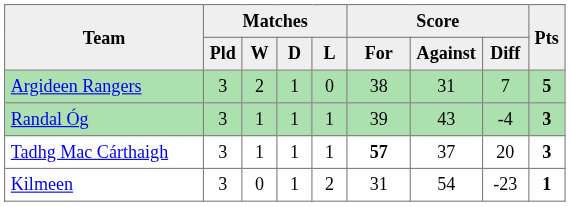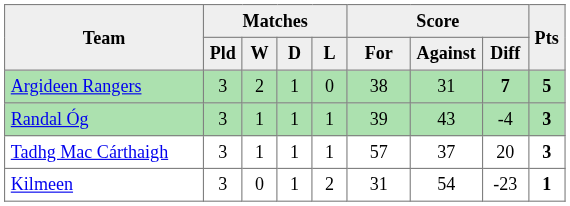 <table style=border-collapse:collapse border=1 cellspacing=0 cellpadding=5>
 <tr align=center bgcolor=#efefef>
 <th rowspan=2 width=165>Team</th>
 <th colspan=4>Matches</th>
 <th colspan=3>Score</th>
 <th rowspan=2width=20>Pts</th>
 </tr>
 <tr align=center bgcolor=#efefef>
 <th width=20>Pld</th>
 <th width=20>W</th>
 <th width=20>D</th>
 <th width=20>L</th>
 <th width=45>For</th>
 <th width=45>Against</th>
 <th width=30>Diff</th>
 </tr>
 <tr align=center style="background:#ACE1AF;">
 <td style="text-align:left;"><a href='#'>Argideen Rangers</a></td>
 <td>3</td>
 <td>2</td>
 <td>1</td>
 <td>0</td>
 <td>38</td>
 <td>31</td>
-<td>7</td>
+<td><strong>7</strong></td>
 <td><strong>5</strong></td>
 </tr>
 <tr align=center style="background:#ACE1AF;">
 <td style="text-align:left;"><a href='#'>Randal Óg</a></td>
 <td>3</td>
 <td>1</td>
 <td>1</td>
 <td>1</td>
 <td>39</td>
 <td>43</td>
 <td>-4</td>
 <td><strong>3</strong></td>
 </tr>
 <tr align=center>
 <td style="text-align:left;"><a href='#'>Tadhg Mac Cárthaigh</a></td>
 <td>3</td>
 <td>1</td>
 <td>1</td>
 <td>1</td>
-<td><strong>57</strong></td>
+<td>57</td>
 <td>37</td>
 <td>20</td>
 <td><strong>3</strong></td>
 </tr>
 <tr align=center>
 <td style="text-align:left;"><a href='#'>Kilmeen</a></td>
 <td>3</td>
 <td>0</td>
 <td>1</td>
 <td>2</td>
 <td>31</td>
 <td>54</td>
 <td>-23</td>
 <td><strong>1</strong></td>
 </tr>
 </table>
